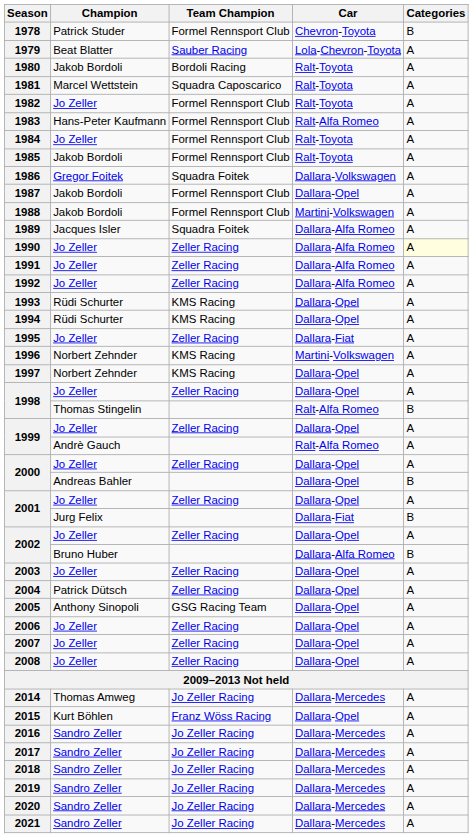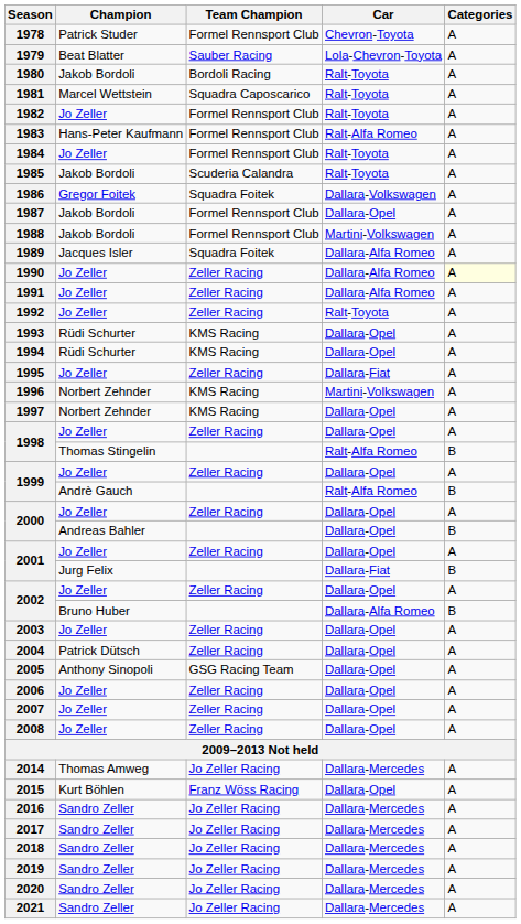 <table class="wikitable" style="font-size:85%;">
 <tr>
 <th>Season</th>
 <th>Champion</th>
 <th>Team Champion</th>
 <th>Car</th>
 <th>Categories</th>
 </tr>
 <tr>
 <th>1978</th>
 <td>Patrick Studer</td>
 <td>Formel Rennsport Club</td>
 <td><a href='#'>Chevron</a>-<a href='#'>Toyota</a></td>
-<td align=>B</td>
+<td>A</td>
 </tr>
 <tr>
 <th>1979</th>
 <td>Beat Blatter</td>
 <td><a href='#'>Sauber Racing</a></td>
 <td><a href='#'>Lola</a>-<a href='#'>Chevron</a>-<a href='#'>Toyota</a></td>
 <td>A</td>
 </tr>
 <tr>
 <th>1980</th>
 <td>Jakob Bordoli</td>
 <td>Bordoli Racing</td>
 <td><a href='#'>Ralt</a>-<a href='#'>Toyota</a></td>
 <td>A</td>
 </tr>
 <tr>
 <th>1981</th>
 <td>Marcel Wettstein</td>
 <td>Squadra Caposcarico</td>
 <td><a href='#'>Ralt</a>-<a href='#'>Toyota</a></td>
 <td>A</td>
 </tr>
 <tr>
 <th>1982</th>
 <td><a href='#'>Jo Zeller</a></td>
 <td>Formel Rennsport Club</td>
 <td><a href='#'>Ralt</a>-<a href='#'>Toyota</a></td>
 <td>A</td>
 </tr>
 <tr>
 <th>1983</th>
 <td>Hans-Peter Kaufmann</td>
 <td>Formel Rennsport Club</td>
 <td><a href='#'>Ralt</a>-<a href='#'>Alfa Romeo</a></td>
 <td>A</td>
 </tr>
 <tr>
 <th>1984</th>
 <td><a href='#'>Jo Zeller</a></td>
 <td>Formel Rennsport Club</td>
 <td><a href='#'>Ralt</a>-<a href='#'>Toyota</a></td>
 <td>A</td>
 </tr>
 <tr>
 <th>1985</th>
 <td>Jakob Bordoli</td>
-<td>Formel Rennsport Club</td>
+<td>Scuderia Calandra</td>
 <td><a href='#'>Ralt</a>-<a href='#'>Toyota</a></td>
 <td>A</td>
 </tr>
 <tr>
 <th>1986</th>
 <td><a href='#'>Gregor Foitek</a></td>
 <td>Squadra Foitek</td>
 <td><a href='#'>Dallara</a>-<a href='#'>Volkswagen</a></td>
 <td>A</td>
 </tr>
 <tr>
 <th>1987</th>
 <td>Jakob Bordoli</td>
 <td>Formel Rennsport Club</td>
 <td><a href='#'>Dallara</a>-<a href='#'>Opel</a></td>
 <td>A</td>
 </tr>
 <tr>
 <th>1988</th>
 <td>Jakob Bordoli</td>
 <td>Formel Rennsport Club</td>
 <td><a href='#'>Martini</a>-<a href='#'>Volkswagen</a></td>
 <td>A</td>
 </tr>
 <tr>
 <th>1989</th>
 <td>Jacques Isler</td>
 <td>Squadra Foitek</td>
 <td><a href='#'>Dallara</a>-<a href='#'>Alfa Romeo</a></td>
 <td>A</td>
 </tr>
 <tr>
 <th>1990</th>
 <td><a href='#'>Jo Zeller</a></td>
 <td><a href='#'>Zeller Racing</a></td>
 <td><a href='#'>Dallara</a>-<a href='#'>Alfa Romeo</a></td>
 <td style="background: lightyellow;">A</td>
 </tr>
 <tr>
 <th>1991</th>
 <td><a href='#'>Jo Zeller</a></td>
 <td><a href='#'>Zeller Racing</a></td>
 <td><a href='#'>Dallara</a>-<a href='#'>Alfa Romeo</a></td>
 <td>A</td>
 </tr>
 <tr>
 <th>1992</th>
 <td><a href='#'>Jo Zeller</a></td>
 <td><a href='#'>Zeller Racing</a></td>
-<td><a href='#'>Dallara</a>-<a href='#'>Alfa Romeo</a></td>
+<td><a href='#'>Ralt</a>-<a href='#'>Toyota</a></td>
 <td>A</td>
 </tr>
 <tr>
 <th>1993</th>
 <td>Rüdi Schurter</td>
 <td>KMS Racing</td>
 <td><a href='#'>Dallara</a>-<a href='#'>Opel</a></td>
 <td>A</td>
 </tr>
 <tr>
 <th>1994</th>
 <td>Rüdi Schurter</td>
 <td>KMS Racing</td>
 <td><a href='#'>Dallara</a>-<a href='#'>Opel</a></td>
 <td>A</td>
 </tr>
 <tr>
 <th>1995</th>
 <td><a href='#'>Jo Zeller</a></td>
 <td><a href='#'>Zeller Racing</a></td>
 <td><a href='#'>Dallara</a>-<a href='#'>Fiat</a></td>
 <td>A</td>
 </tr>
 <tr>
 <th>1996</th>
 <td>Norbert Zehnder</td>
 <td>KMS Racing</td>
 <td><a href='#'>Martini</a>-<a href='#'>Volkswagen</a></td>
 <td>A</td>
 </tr>
 <tr>
 <th>1997</th>
 <td>Norbert Zehnder</td>
 <td>KMS Racing</td>
 <td><a href='#'>Dallara</a>-<a href='#'>Opel</a></td>
 <td>A</td>
 </tr>
 <tr>
 <th rowspan=2>1998</th>
 <td><a href='#'>Jo Zeller</a></td>
 <td><a href='#'>Zeller Racing</a></td>
 <td><a href='#'>Dallara</a>-<a href='#'>Opel</a></td>
 <td align=>A</td>
 </tr>
 <tr>
 <td>Thomas Stingelin</td>
 <td></td>
 <td><a href='#'>Ralt</a>-<a href='#'>Alfa Romeo</a></td>
 <td align=>B</td>
 </tr>
 <tr>
 <th rowspan=2>1999</th>
 <td><a href='#'>Jo Zeller</a></td>
 <td><a href='#'>Zeller Racing</a></td>
 <td><a href='#'>Dallara</a>-<a href='#'>Opel</a></td>
 <td align=>A</td>
 </tr>
 <tr>
 <td>Andrè Gauch</td>
 <td></td>
 <td><a href='#'>Ralt</a>-<a href='#'>Alfa Romeo</a></td>
-<td>A</td>
+<td align=>B</td>
 </tr>
 <tr>
 <th rowspan=2>2000</th>
 <td><a href='#'>Jo Zeller</a></td>
 <td><a href='#'>Zeller Racing</a></td>
 <td><a href='#'>Dallara</a>-<a href='#'>Opel</a></td>
 <td align=>A</td>
 </tr>
 <tr>
 <td>Andreas Bahler</td>
 <td></td>
 <td><a href='#'>Dallara</a>-<a href='#'>Opel</a></td>
 <td align=>B</td>
 </tr>
 <tr>
 <th rowspan=2>2001</th>
 <td><a href='#'>Jo Zeller</a></td>
 <td><a href='#'>Zeller Racing</a></td>
 <td><a href='#'>Dallara</a>-<a href='#'>Opel</a></td>
 <td align=>A</td>
 </tr>
 <tr>
 <td>Jurg Felix</td>
 <td></td>
 <td><a href='#'>Dallara</a>-<a href='#'>Fiat</a></td>
 <td align=>B</td>
 </tr>
 <tr>
 <th rowspan=2>2002</th>
 <td><a href='#'>Jo Zeller</a></td>
 <td><a href='#'>Zeller Racing</a></td>
 <td><a href='#'>Dallara</a>-<a href='#'>Opel</a></td>
 <td align=>A</td>
 </tr>
 <tr>
 <td>Bruno Huber</td>
 <td></td>
 <td><a href='#'>Dallara</a>-<a href='#'>Alfa Romeo</a></td>
 <td align=>B</td>
 </tr>
 <tr>
 <th>2003</th>
 <td><a href='#'>Jo Zeller</a></td>
 <td><a href='#'>Zeller Racing</a></td>
 <td><a href='#'>Dallara</a>-<a href='#'>Opel</a></td>
 <td>A</td>
 </tr>
 <tr>
 <th>2004</th>
 <td>Patrick Dütsch</td>
 <td><a href='#'>Zeller Racing</a></td>
 <td><a href='#'>Dallara</a>-<a href='#'>Opel</a></td>
 <td>A</td>
 </tr>
 <tr>
 <th>2005</th>
 <td>Anthony Sinopoli</td>
 <td>GSG Racing Team</td>
 <td><a href='#'>Dallara</a>-<a href='#'>Opel</a></td>
 <td>A</td>
 </tr>
 <tr>
 <th>2006</th>
 <td><a href='#'>Jo Zeller</a></td>
 <td><a href='#'>Zeller Racing</a></td>
 <td><a href='#'>Dallara</a>-<a href='#'>Opel</a></td>
 <td>A</td>
 </tr>
 <tr>
 <th>2007</th>
 <td><a href='#'>Jo Zeller</a></td>
 <td><a href='#'>Zeller Racing</a></td>
 <td><a href='#'>Dallara</a>-<a href='#'>Opel</a></td>
 <td>A</td>
 </tr>
 <tr>
 <th>2008</th>
 <td><a href='#'>Jo Zeller</a></td>
 <td><a href='#'>Zeller Racing</a></td>
 <td><a href='#'>Dallara</a>-<a href='#'>Opel</a></td>
 <td>A</td>
 </tr>
 <tr>
 <th colspan="5">2009–2013 Not held</th>
 </tr>
 <tr>
 <th>2014</th>
 <td>Thomas Amweg</td>
 <td><a href='#'>Jo Zeller Racing</a></td>
 <td><a href='#'>Dallara</a>-<a href='#'>Mercedes</a></td>
 <td>A</td>
 </tr>
 <tr>
 <th>2015</th>
 <td>Kurt Böhlen</td>
 <td><a href='#'>Franz Wöss Racing</a></td>
 <td><a href='#'>Dallara</a>-<a href='#'>Opel</a></td>
 <td>A</td>
 </tr>
 <tr>
 <th>2016</th>
 <td><a href='#'>Sandro Zeller</a></td>
 <td><a href='#'>Jo Zeller Racing</a></td>
 <td><a href='#'>Dallara</a>-<a href='#'>Mercedes</a></td>
 <td>A</td>
 </tr>
 <tr>
 <th>2017</th>
 <td><a href='#'>Sandro Zeller</a></td>
 <td><a href='#'>Jo Zeller Racing</a></td>
 <td><a href='#'>Dallara</a>-<a href='#'>Mercedes</a></td>
 <td>A</td>
 </tr>
 <tr>
 <th>2018</th>
 <td><a href='#'>Sandro Zeller</a></td>
 <td><a href='#'>Jo Zeller Racing</a></td>
 <td><a href='#'>Dallara</a>-<a href='#'>Mercedes</a></td>
 <td>A</td>
 </tr>
 <tr>
 <th>2019</th>
 <td><a href='#'>Sandro Zeller</a></td>
 <td><a href='#'>Jo Zeller Racing</a></td>
 <td><a href='#'>Dallara</a>-<a href='#'>Mercedes</a></td>
 <td>A</td>
 </tr>
 <tr>
 <th>2020</th>
 <td><a href='#'>Sandro Zeller</a></td>
 <td><a href='#'>Jo Zeller Racing</a></td>
 <td><a href='#'>Dallara</a>-<a href='#'>Mercedes</a></td>
 <td>A</td>
 </tr>
 <tr>
 <th>2021</th>
 <td><a href='#'>Sandro Zeller</a></td>
 <td><a href='#'>Jo Zeller Racing</a></td>
 <td><a href='#'>Dallara</a>-<a href='#'>Mercedes</a></td>
 <td>A</td>
 </tr>
 </table>
